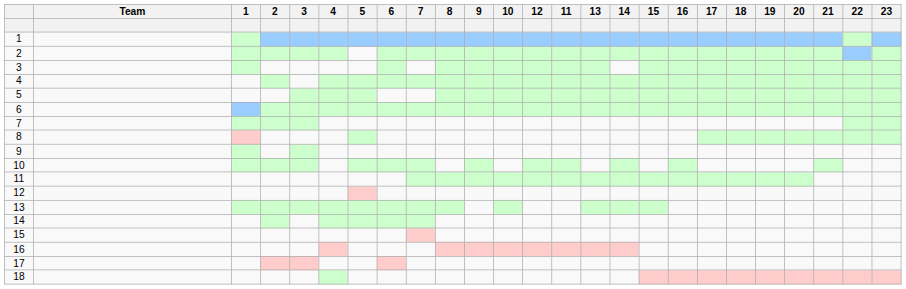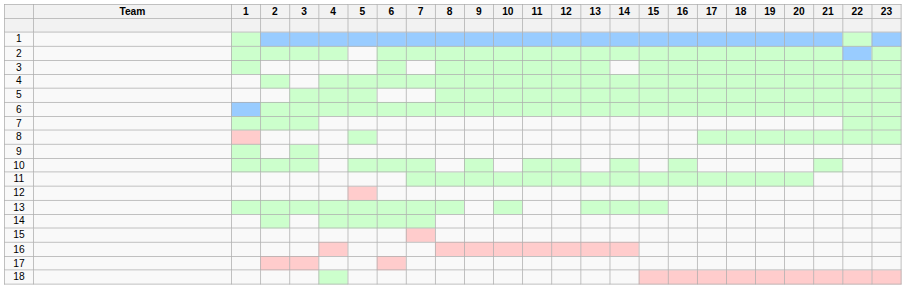 <table class="wikitable sortable" style="text-align:center; line-height: 90%; font-size:90%;" width=100%>
 <tr>
 <th width=20 abbr="Position"></th>
 <th width=175px>Team</th>
 <th width=20 abbr="Round 1">1</th>
 <th width=20 abbr="Round 2">2</th>
 <th width=20 abbr="Round 3">3</th>
 <th width=20 abbr="Round 4">4</th>
 <th width=20 abbr="Round 5">5</th>
 <th width=20 abbr="Round 6">6</th>
 <th width=20 abbr="Round 7">7</th>
 <th width=20 abbr="Round 8">8</th>
 <th width=20 abbr="Round 9">9</th>
 <th width=20 abbr="Round 10">10</th>
+<th width=20 abbr="Round 11">11</th>
 <th width=20 abbr="Round 12">12</th>
-<th width=20 abbr="Round 11">11</th>
 <th width=20 abbr="Round 13">13</th>
 <th width=20 abbr="Round 14">14</th>
 <th width=20 abbr="Round 15">15</th>
 <th width=20 abbr="Round 16">16</th>
 <th width=20 abbr="Round 17">17</th>
 <th width=20 abbr="Round 18">18</th>
 <th width=20 abbr="Round 19">19</th>
 <th width=20 abbr="Round 20">20</th>
 <th width=20 abbr="Round 21">21</th>
 <th width=20 abbr="Round 22">22</th>
 <th width=20 abbr="Round 23">23</th>
 </tr>
 <tr>
 <th></th>
 <th></th>
 <th></th>
 <th></th>
 <th></th>
 <th></th>
 <th></th>
 <th></th>
 <th></th>
 <th></th>
 <th></th>
 <th></th>
 <th></th>
 <th></th>
 <th></th>
 <th></th>
 <th></th>
 <th></th>
 <th></th>
 <th></th>
 <th></th>
 <th></th>
 <th></th>
 <th></th>
 <th> </th>
 </tr>
 <tr>
 <td>1</td>
 <td style="text-align:left;"></td>
 <td style="background:#ccffcc;"></td>
 <td style="background:#99ccff;"></td>
 <td style="background:#99ccff;"></td>
 <td style="background:#99ccff;"></td>
 <td style="background:#99ccff;"></td>
 <td style="background:#99ccff;"></td>
 <td style="background:#99ccff;"></td>
 <td style="background:#99ccff;"></td>
 <td style="background:#99ccff;"></td>
 <td style="background:#99ccff;"></td>
 <td style="background:#99ccff;"></td>
 <td style="background:#99ccff;"></td>
 <td style="background:#99ccff;"></td>
 <td style="background:#99ccff;"></td>
 <td style="background:#99ccff;"></td>
 <td style="background:#99ccff;"></td>
 <td style="background:#99ccff;"></td>
 <td style="background:#99ccff;"></td>
 <td style="background:#99ccff;"></td>
 <td style="background:#99ccff;"></td>
 <td style="background:#99ccff;"></td>
 <td style="background:#ccffcc;"></td>
 <td style="background:#99ccff;"></td>
 </tr>
 <tr>
 <td>2</td>
 <td style="text-align:left;"></td>
 <td style="background:#ccffcc;"></td>
 <td style="background:#ccffcc;"></td>
 <td style="background:#ccffcc;"></td>
 <td style="background:#ccffcc;"></td>
 <td></td>
 <td style="background:#ccffcc;"></td>
 <td style="background:#ccffcc;"></td>
 <td style="background:#ccffcc;"></td>
 <td style="background:#ccffcc;"></td>
 <td style="background:#ccffcc;"></td>
 <td style="background:#ccffcc;"></td>
 <td style="background:#ccffcc;"></td>
 <td style="background:#ccffcc;"></td>
 <td style="background:#ccffcc;"></td>
 <td style="background:#ccffcc;"></td>
 <td style="background:#ccffcc;"></td>
 <td style="background:#ccffcc;"></td>
 <td style="background:#ccffcc;"></td>
 <td style="background:#ccffcc;"></td>
 <td style="background:#ccffcc;"></td>
 <td style="background:#ccffcc;"></td>
 <td style="background:#99ccff;"></td>
 <td style="background:#ccffcc;"></td>
 </tr>
 <tr>
 <td>3</td>
 <td style="text-align:left;"></td>
 <td style="background:#ccffcc;"></td>
 <td></td>
 <td></td>
 <td></td>
 <td></td>
 <td style="background:#ccffcc;"></td>
 <td></td>
 <td style="background:#ccffcc;"></td>
 <td style="background:#ccffcc;"></td>
 <td style="background:#ccffcc;"></td>
 <td style="background:#ccffcc;"></td>
 <td style="background:#ccffcc;"></td>
 <td style="background:#ccffcc;"></td>
 <td></td>
 <td style="background:#ccffcc;"></td>
 <td style="background:#ccffcc;"></td>
 <td style="background:#ccffcc;"></td>
 <td style="background:#ccffcc;"></td>
 <td style="background:#ccffcc;"></td>
 <td style="background:#ccffcc;"></td>
 <td style="background:#ccffcc;"></td>
 <td style="background:#ccffcc;"></td>
 <td style="background:#ccffcc;"></td>
 </tr>
 <tr>
 <td>4</td>
 <td style="text-align:left"></td>
 <td></td>
 <td style="background:#ccffcc;"></td>
 <td></td>
 <td style="background:#ccffcc;"></td>
 <td style="background:#ccffcc;"></td>
 <td style="background:#ccffcc;"></td>
 <td style="background:#ccffcc;"></td>
 <td style="background:#ccffcc;"></td>
 <td style="background:#ccffcc;"></td>
 <td style="background:#ccffcc;"></td>
 <td style="background:#ccffcc;"></td>
 <td style="background:#ccffcc;"></td>
 <td style="background:#ccffcc;"></td>
 <td style="background:#ccffcc;"></td>
 <td style="background:#ccffcc;"></td>
 <td style="background:#ccffcc;"></td>
 <td style="background:#ccffcc;"></td>
 <td style="background:#ccffcc;"></td>
 <td style="background:#ccffcc;"></td>
 <td style="background:#ccffcc;"></td>
 <td style="background:#ccffcc;"></td>
 <td style="background:#ccffcc;"></td>
 <td style="background:#ccffcc;"></td>
 </tr>
 <tr>
 <td>5</td>
 <td style="text-align:left;"></td>
 <td></td>
 <td></td>
 <td style="background:#ccffcc;"></td>
 <td style="background:#ccffcc;"></td>
 <td style="background:#ccffcc;"></td>
 <td></td>
 <td></td>
 <td style="background:#ccffcc;"></td>
 <td style="background:#ccffcc;"></td>
 <td style="background:#ccffcc;"></td>
 <td style="background:#ccffcc;"></td>
 <td style="background:#ccffcc;"></td>
 <td style="background:#ccffcc;"></td>
 <td style="background:#ccffcc;"></td>
 <td style="background:#ccffcc;"></td>
 <td style="background:#ccffcc;"></td>
 <td style="background:#ccffcc;"></td>
 <td style="background:#ccffcc;"></td>
 <td style="background:#ccffcc;"></td>
 <td style="background:#ccffcc;"></td>
 <td style="background:#ccffcc;"></td>
 <td style="background:#ccffcc;"></td>
 <td style="background:#ccffcc;"></td>
 </tr>
 <tr>
 <td>6</td>
 <td style="text-align:left"></td>
 <td style="background:#99ccff;"></td>
 <td style="background:#ccffcc;"></td>
 <td style="background:#ccffcc;"></td>
 <td style="background:#ccffcc;"></td>
 <td style="background:#ccffcc;"></td>
 <td style="background:#ccffcc;"></td>
 <td style="background:#ccffcc;"></td>
 <td style="background:#ccffcc;"></td>
 <td style="background:#ccffcc;"></td>
 <td style="background:#ccffcc;"></td>
 <td style="background:#ccffcc;"></td>
 <td style="background:#ccffcc;"></td>
 <td style="background:#ccffcc;"></td>
 <td style="background:#ccffcc;"></td>
 <td style="background:#ccffcc;"></td>
 <td style="background:#ccffcc;"></td>
 <td style="background:#ccffcc;"></td>
 <td style="background:#ccffcc;"></td>
 <td style="background:#ccffcc;"></td>
 <td style="background:#ccffcc;"></td>
 <td style="background:#ccffcc;"></td>
 <td style="background:#ccffcc;"></td>
 <td style="background:#ccffcc;"></td>
 </tr>
 <tr>
 <td>7</td>
 <td style="text-align:left"></td>
 <td style="background:#ccffcc;"></td>
 <td style="background:#ccffcc;"></td>
 <td style="background:#ccffcc;"></td>
 <td></td>
 <td></td>
 <td></td>
 <td></td>
 <td></td>
 <td></td>
 <td></td>
 <td></td>
 <td></td>
 <td></td>
 <td></td>
 <td></td>
 <td></td>
 <td></td>
 <td></td>
 <td></td>
 <td></td>
 <td></td>
 <td style="background:#ccffcc;"></td>
 <td style="background:#ccffcc;"></td>
 </tr>
 <tr>
 <td>8</td>
 <td style="text-align:left"></td>
 <td style="background:#ffcccc;"></td>
 <td></td>
 <td></td>
 <td></td>
 <td style="background:#ccffcc;"></td>
 <td></td>
 <td></td>
 <td></td>
 <td></td>
 <td></td>
 <td></td>
 <td></td>
 <td></td>
 <td></td>
 <td></td>
 <td></td>
 <td style="background:#ccffcc;"></td>
 <td style="background:#ccffcc;"></td>
 <td style="background:#ccffcc;"></td>
 <td style="background:#ccffcc;"></td>
 <td style="background:#ccffcc;"></td>
 <td style="background:#ccffcc;"></td>
 <td style="background:#ccffcc;"></td>
 </tr>
 <tr>
 <td>9</td>
 <td style="text-align:left;"></td>
 <td style="background:#ccffcc;"></td>
 <td></td>
 <td style="background:#ccffcc;"></td>
 <td></td>
 <td></td>
 <td></td>
 <td></td>
 <td></td>
 <td></td>
 <td></td>
 <td></td>
 <td></td>
 <td></td>
 <td></td>
 <td></td>
 <td></td>
 <td></td>
 <td></td>
 <td></td>
 <td></td>
 <td></td>
 <td></td>
 <td></td>
 </tr>
 <tr>
 <td>10</td>
 <td style="text-align:left"></td>
 <td style="background:#ccffcc;"></td>
 <td style="background:#ccffcc;"></td>
 <td style="background:#ccffcc;"></td>
 <td></td>
 <td style="background:#ccffcc;"></td>
 <td style="background:#ccffcc;"></td>
 <td style="background:#ccffcc;"></td>
 <td></td>
 <td style="background:#ccffcc;"></td>
 <td></td>
 <td style="background:#ccffcc;"></td>
 <td style="background:#ccffcc;"></td>
 <td></td>
 <td style="background:#ccffcc;"></td>
 <td></td>
 <td style="background:#ccffcc;"></td>
 <td></td>
 <td></td>
 <td></td>
 <td></td>
 <td style="background:#ccffcc;"></td>
 <td></td>
 <td></td>
 </tr>
 <tr>
 <td>11</td>
 <td style="text-align:left"></td>
 <td></td>
 <td></td>
 <td></td>
 <td></td>
 <td></td>
 <td></td>
 <td style="background:#ccffcc;"></td>
 <td style="background:#ccffcc;"></td>
 <td style="background:#ccffcc;"></td>
 <td style="background:#ccffcc;"></td>
 <td style="background:#ccffcc;"></td>
 <td style="background:#ccffcc;"></td>
 <td style="background:#ccffcc;"></td>
 <td style="background:#ccffcc;"></td>
 <td style="background:#ccffcc;"></td>
 <td style="background:#ccffcc;"></td>
 <td style="background:#ccffcc;"></td>
 <td style="background:#ccffcc;"></td>
 <td style="background:#ccffcc;"></td>
 <td style="background:#ccffcc;"></td>
 <td></td>
 <td></td>
 <td></td>
 </tr>
 <tr>
 <td>12</td>
 <td style="text-align:left"></td>
 <td></td>
 <td></td>
 <td></td>
 <td></td>
 <td style="background:#ffcccc;"></td>
 <td></td>
 <td></td>
 <td></td>
 <td></td>
 <td></td>
 <td></td>
 <td></td>
 <td></td>
 <td></td>
 <td></td>
 <td></td>
 <td></td>
 <td></td>
 <td></td>
 <td></td>
 <td></td>
 <td></td>
 <td></td>
 </tr>
 <tr>
 <td>13</td>
 <td style="text-align:left;"></td>
 <td style="background:#ccffcc;"></td>
 <td style="background:#ccffcc;"></td>
 <td style="background:#ccffcc;"></td>
 <td style="background:#ccffcc;"></td>
 <td style="background:#ccffcc;"></td>
 <td style="background:#ccffcc;"></td>
 <td style="background:#ccffcc;"></td>
 <td style="background:#ccffcc;"></td>
 <td></td>
 <td style="background:#ccffcc;"></td>
 <td></td>
 <td></td>
 <td style="background:#ccffcc;"></td>
 <td style="background:#ccffcc;"></td>
 <td style="background:#ccffcc;"></td>
 <td></td>
 <td></td>
 <td></td>
 <td></td>
 <td></td>
 <td></td>
 <td></td>
 <td></td>
 </tr>
 <tr>
 <td>14</td>
 <td style="text-align:left;"></td>
 <td></td>
 <td style="background:#ccffcc;"></td>
 <td></td>
 <td style="background:#ccffcc;"></td>
 <td style="background:#ccffcc;"></td>
 <td style="background:#ccffcc;"></td>
 <td style="background:#ccffcc;"></td>
 <td></td>
 <td></td>
 <td></td>
 <td></td>
 <td></td>
 <td></td>
 <td></td>
 <td></td>
 <td></td>
 <td></td>
 <td></td>
 <td></td>
 <td></td>
 <td></td>
 <td></td>
 <td></td>
 </tr>
 <tr>
 <td>15</td>
 <td style="text-align:left"></td>
 <td></td>
 <td></td>
 <td></td>
 <td></td>
 <td></td>
 <td></td>
 <td style="background:#ffcccc;"></td>
 <td></td>
 <td></td>
 <td></td>
 <td></td>
 <td></td>
 <td></td>
 <td></td>
 <td></td>
 <td></td>
 <td></td>
 <td></td>
 <td></td>
 <td></td>
 <td></td>
 <td></td>
 <td></td>
 </tr>
 <tr>
 <td>16</td>
 <td style="text-align:left;"></td>
 <td></td>
 <td></td>
 <td></td>
 <td style="background:#ffcccc;"></td>
 <td></td>
 <td></td>
 <td></td>
 <td style="background:#ffcccc;"></td>
 <td style="background:#ffcccc;"></td>
 <td style="background:#ffcccc;"></td>
 <td style="background:#ffcccc;"></td>
 <td style="background:#ffcccc;"></td>
 <td style="background:#ffcccc;"></td>
 <td style="background:#ffcccc;"></td>
 <td></td>
 <td></td>
 <td></td>
 <td></td>
 <td></td>
 <td></td>
 <td></td>
 <td></td>
 <td></td>
 </tr>
 <tr>
 <td>17</td>
 <td style="text-align:left;"></td>
 <td></td>
 <td style="background:#ffcccc;"></td>
 <td style="background:#ffcccc;"></td>
 <td></td>
 <td></td>
 <td style="background:#ffcccc;"></td>
 <td></td>
 <td></td>
 <td></td>
 <td></td>
 <td></td>
 <td></td>
 <td></td>
 <td></td>
 <td></td>
 <td></td>
 <td></td>
 <td></td>
 <td></td>
 <td></td>
 <td></td>
 <td></td>
 <td></td>
 </tr>
 <tr>
 <td>18</td>
 <td style="text-align:left"></td>
 <td></td>
 <td></td>
 <td></td>
 <td style="background:#ccffcc;"></td>
 <td></td>
 <td></td>
 <td></td>
 <td></td>
 <td></td>
 <td></td>
 <td></td>
 <td></td>
 <td></td>
 <td></td>
 <td style="background:#ffcccc;"></td>
 <td style="background:#ffcccc;"></td>
 <td style="background:#ffcccc;"></td>
 <td style="background:#ffcccc;"></td>
 <td style="background:#ffcccc;"></td>
 <td style="background:#ffcccc;"></td>
 <td style="background:#ffcccc;"></td>
 <td style="background:#ffcccc;"></td>
 <td style="background:#ffcccc;"></td>
 </tr>
 </table>
